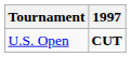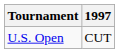 <table class="wikitable" style="font-size:95%;text-align:center;">
 <tr>
 <th>Tournament</th>
 <th>1997</th>
 </tr>
 <tr>
 <td align=left><a href='#'>U.S. Open</a></td>
-<td><strong>CUT</strong></td>
+<td>CUT</td>
 </tr>
 </table>
